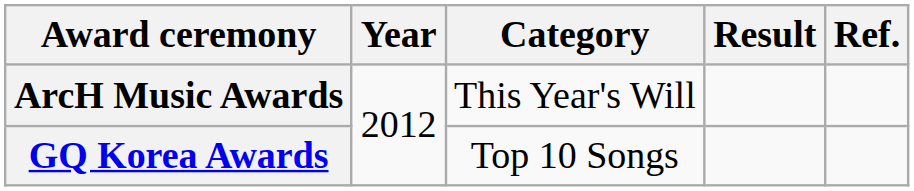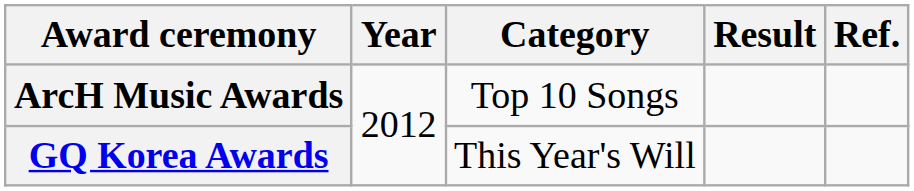 <table class="wikitable sortable plainrowheaders" style="text-align:center">
 <tr>
 <th>Award ceremony</th>
 <th>Year</th>
 <th>Category</th>
 <th>Result</th>
 <th><abbr>Ref.</abbr></th>
 </tr>
 <tr>
 <th Scope="row">ArcH Music Awards</th>
 <td rowspan="2">2012</td>
-<td>This Year's Will</td>
+<td>Top 10 Songs</td>
 <td></td>
 <td></td>
 </tr>
 <tr>
 <th Scope="row"><a href='#'>GQ Korea Awards</a></th>
-<td>Top 10 Songs</td>
+<td>This Year's Will</td>
 <td></td>
 <td></td>
 </tr>
 </table>
